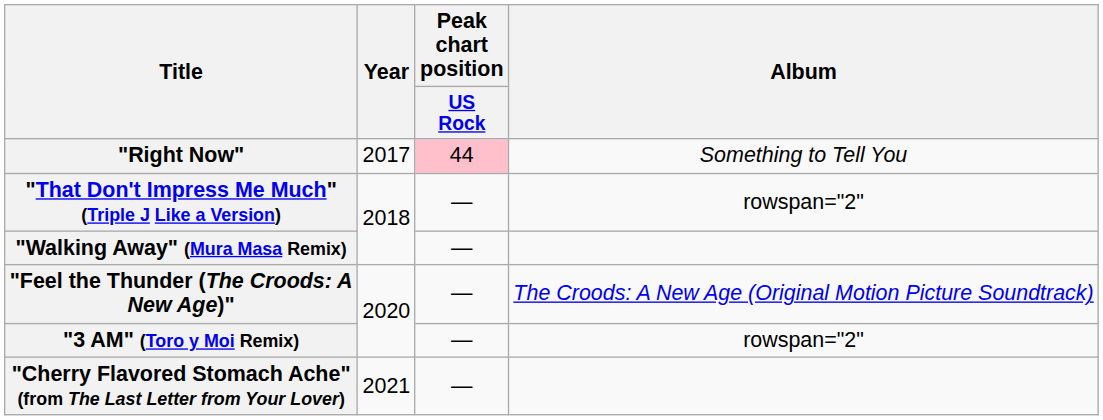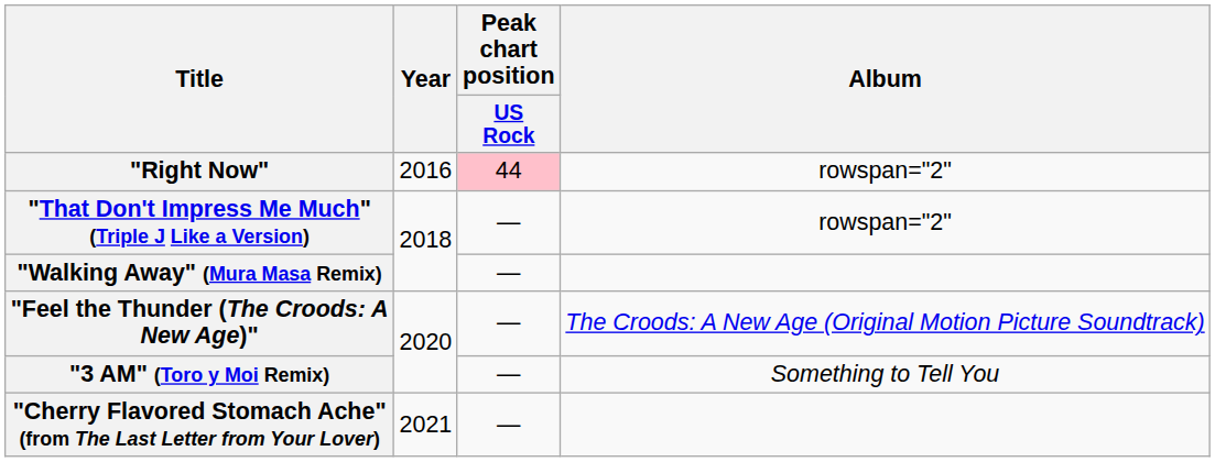 <table class="wikitable plainrowheaders" style="text-align:center;">
 <tr>
 <th scope="col" rowspan="2" style="width:16em;">Title</th>
 <th scope="col" rowspan="2" style="width:1em;">Year</th>
 <th scope="col" colspan="1">Peak<br>chart<br>position</th>
 <th scope="col" rowspan="2">Album</th>
 </tr>
 <tr>
 <th scope="col" style="width:3em;font-size:90%;"><a href='#'>US<br>Rock</a><br></th>
 </tr>
 <tr>
 <th scope="row">"Right Now"</th>
-<td>2017</td>
+<td>2016</td>
 <td style="background: pink;">44</td>
-<td><em>Something to Tell You</em></td>
+<td>rowspan="2" </td>
 </tr>
 <tr>
 <th scope="row">"<a href='#'>That Don't Impress Me Much</a>" <small>(<a href='#'>Triple J</a> <a href='#'>Like a Version</a>)</small></th>
 <td rowspan="2">2018</td>
 <td>―</td>
 <td>rowspan="2" </td>
 </tr>
 <tr>
 <th scope="row">"Walking Away" <small>(<a href='#'>Mura Masa</a> Remix)</small></th>
 <td>―</td>
 </tr>
 <tr>
 <th scope="row">"Feel the Thunder (<em>The Croods: A New Age</em>)"</th>
 <td rowspan="2">2020</td>
 <td>―</td>
 <td><em><a href='#'>The Croods: A New Age (Original Motion Picture Soundtrack)</a></em></td>
 </tr>
 <tr>
 <th scope="row">"3 AM" <small>(<a href='#'>Toro y Moi</a> Remix)</small></th>
 <td>―</td>
-<td>rowspan="2" </td>
+<td><em>Something to Tell You</em></td>
 </tr>
 <tr>
 <th scope="row">"Cherry Flavored Stomach Ache" <small>(from <em>The Last Letter from Your Lover</em>)</small></th>
 <td>2021</td>
 <td>―</td>
 </tr>
 </table>
